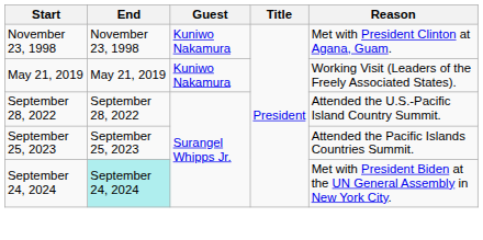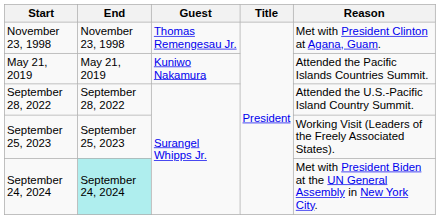 <table class="wikitable sortable">
 <tr>
 <th>Start</th>
 <th>End</th>
 <th>Guest</th>
 <th>Title</th>
 <th>Reason</th>
 </tr>
 <tr>
 <td>November 23, 1998</td>
 <td>November 23, 1998</td>
-<td><a href='#'>Kuniwo Nakamura</a></td>
+<td><a href='#'>Thomas Remengesau Jr.</a></td>
 <td rowspan=5><a href='#'>President</a></td>
 <td>Met with <a href='#'>President Clinton</a> at <a href='#'>Agana, Guam</a>.</td>
 </tr>
 <tr>
 <td>May 21, 2019</td>
 <td>May 21, 2019</td>
 <td><a href='#'>Kuniwo Nakamura</a></td>
-<td>Working Visit (Leaders of the Freely Associated States).</td>
+<td>Attended the Pacific Islands Countries Summit.</td>
 </tr>
 <tr>
 <td>September 28, 2022</td>
 <td>September 28, 2022</td>
 <td rowspan=3><a href='#'>Surangel Whipps Jr.</a></td>
 <td>Attended the U.S.-Pacific Island Country Summit.</td>
 </tr>
 <tr>
 <td>September 25, 2023</td>
 <td>September 25, 2023</td>
-<td>Attended the Pacific Islands Countries Summit.</td>
+<td>Working Visit (Leaders of the Freely Associated States).</td>
 </tr>
 <tr>
 <td>September 24, 2024</td>
 <td style="background: paleturquoise;">September 24, 2024</td>
 <td>Met with <a href='#'>President Biden</a> at the <a href='#'>UN General Assembly</a> in <a href='#'>New York City</a>.</td>
 </tr>
 </table>
